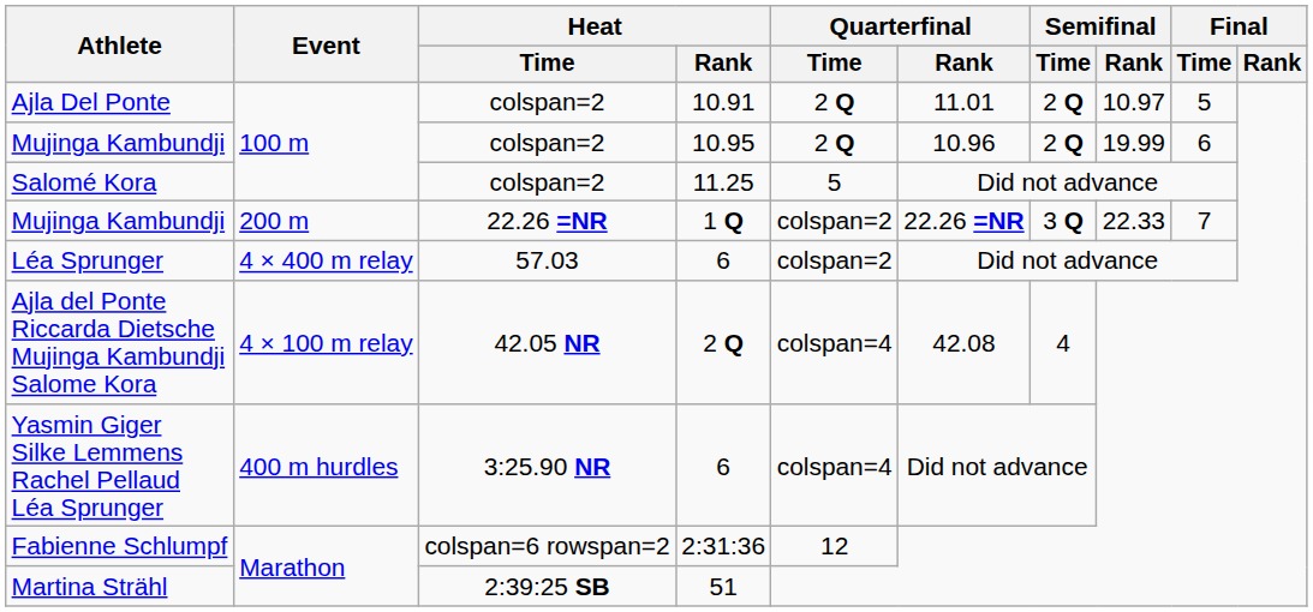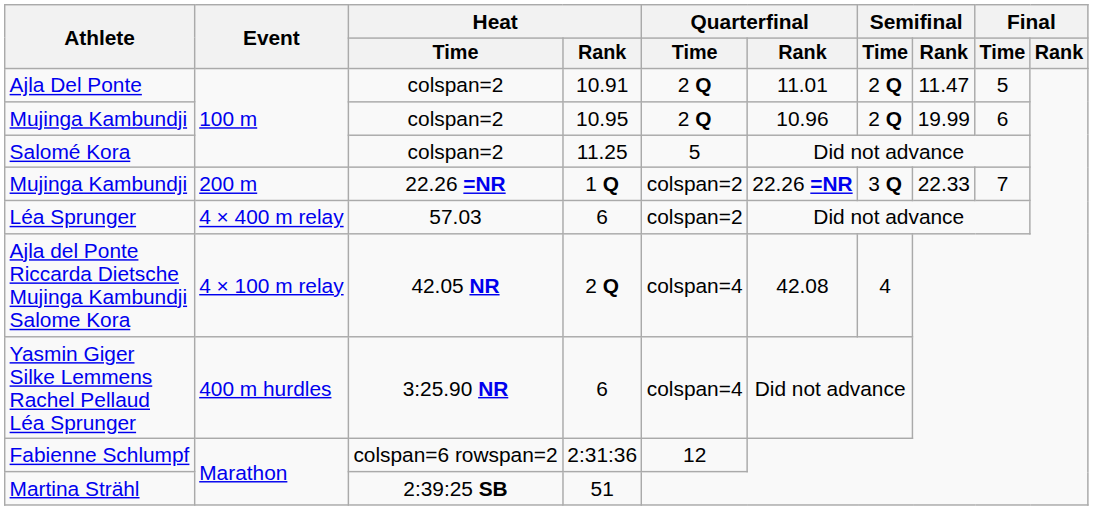 <table class=wikitable style=font-size:90%;text-align:center>
 <tr>
 <th rowspan=2>Athlete</th>
 <th rowspan=2>Event</th>
 <th colspan=2>Heat</th>
 <th colspan=2>Quarterfinal</th>
 <th colspan=2>Semifinal</th>
 <th colspan=2>Final</th>
 </tr>
 <tr style=font-size:95%>
 <th>Time</th>
 <th>Rank</th>
 <th>Time</th>
 <th>Rank</th>
 <th>Time</th>
 <th>Rank</th>
 <th>Time</th>
 <th>Rank</th>
 </tr>
 <tr>
 <td align=left><a href='#'>Ajla Del Ponte</a></td>
 <td align=left rowspan=3><a href='#'>100 m</a></td>
 <td>colspan=2 </td>
 <td>10.91</td>
 <td>2 <strong>Q</strong></td>
 <td>11.01</td>
 <td>2 <strong>Q</strong></td>
-<td>10.97</td>
+<td>11.47</td>
 <td>5</td>
 </tr>
 <tr>
 <td align=left><a href='#'>Mujinga Kambundji</a></td>
 <td>colspan=2 </td>
 <td>10.95</td>
 <td>2 <strong>Q</strong></td>
 <td>10.96</td>
 <td>2 <strong>Q</strong></td>
 <td>19.99</td>
 <td>6</td>
 </tr>
 <tr>
 <td align=left><a href='#'>Salomé Kora</a></td>
 <td>colspan=2 </td>
 <td>11.25</td>
 <td>5</td>
 <td colspan=4>Did not advance</td>
 </tr>
 <tr>
 <td align=left><a href='#'>Mujinga Kambundji</a></td>
 <td align=left><a href='#'>200 m</a></td>
 <td>22.26 <strong><a href='#'>=NR</a></strong></td>
 <td>1 <strong>Q</strong></td>
 <td>colspan=2 </td>
 <td>22.26 <strong><a href='#'>=NR</a></strong></td>
 <td>3 <strong>Q</strong></td>
 <td>22.33</td>
 <td>7</td>
 </tr>
 <tr>
 <td align=left><a href='#'>Léa Sprunger</a></td>
 <td align=left><a href='#'>4 × 400 m relay</a></td>
 <td>57.03</td>
 <td>6</td>
 <td>colspan=2 </td>
 <td colspan=4>Did not advance</td>
 </tr>
 <tr>
 <td align=left><a href='#'>Ajla del Ponte</a><br><a href='#'>Riccarda Dietsche</a><br><a href='#'>Mujinga Kambundji</a><br><a href='#'>Salome Kora</a></td>
 <td align=left><a href='#'>4 × 100 m relay</a></td>
 <td>42.05 <strong><a href='#'>NR</a></strong></td>
 <td>2 <strong>Q</strong></td>
 <td>colspan=4 </td>
 <td>42.08</td>
 <td>4</td>
 </tr>
 <tr>
 <td align=left><a href='#'>Yasmin Giger</a><br><a href='#'>Silke Lemmens</a><br><a href='#'>Rachel Pellaud</a><br><a href='#'>Léa Sprunger</a></td>
 <td align=left><a href='#'>400 m hurdles</a></td>
 <td>3:25.90 <strong><a href='#'>NR</a></strong></td>
 <td>6</td>
 <td>colspan=4 </td>
 <td colspan=2>Did not advance</td>
 </tr>
 <tr>
 <td align=left><a href='#'>Fabienne Schlumpf</a></td>
 <td align=left rowspan=2><a href='#'>Marathon</a></td>
 <td>colspan=6 rowspan=2 </td>
 <td>2:31:36</td>
 <td>12</td>
 </tr>
 <tr>
 <td align=left><a href='#'>Martina Strähl</a></td>
 <td>2:39:25 <strong>SB</strong></td>
 <td>51</td>
 </tr>
 </table>
